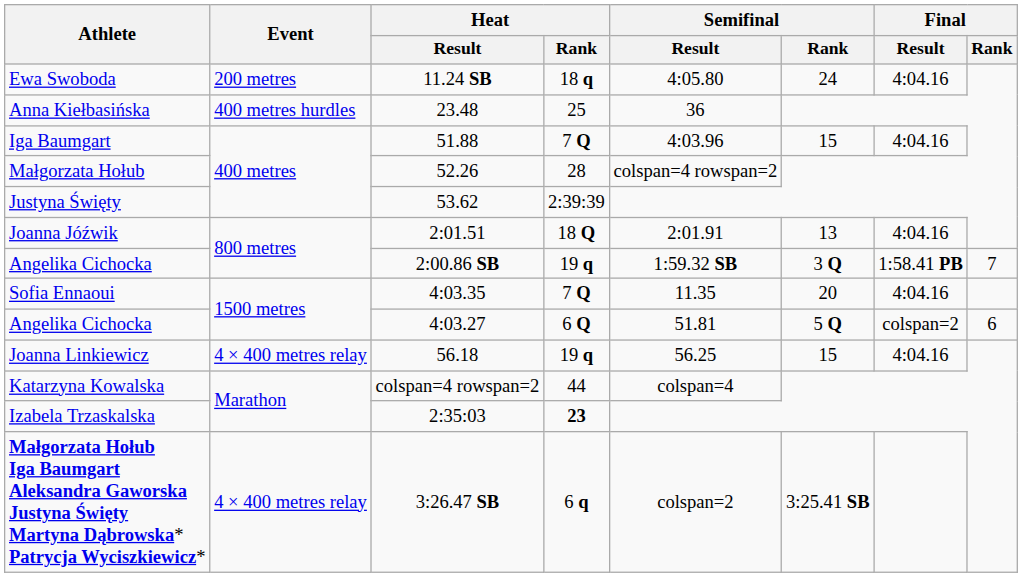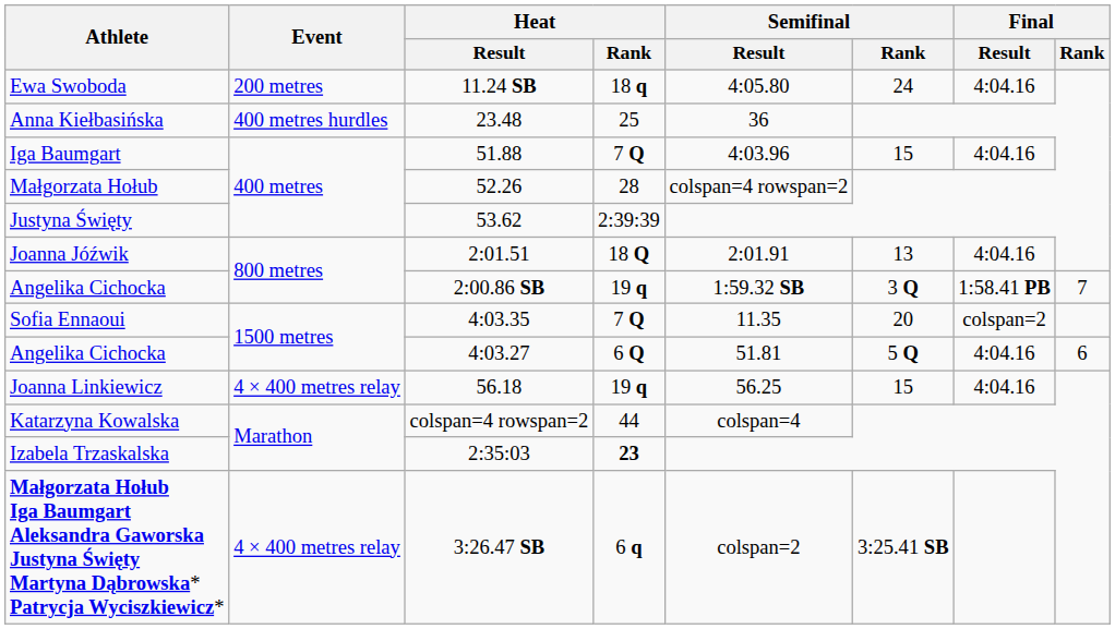 <table class="wikitable" style="font-size:90%">
 <tr>
 <th rowspan="2">Athlete</th>
 <th rowspan="2">Event</th>
 <th colspan="2">Heat</th>
 <th colspan="2">Semifinal</th>
 <th colspan="2">Final</th>
 </tr>
 <tr style="font-size:95%">
 <th>Result</th>
 <th>Rank</th>
 <th>Result</th>
 <th>Rank</th>
 <th>Result</th>
 <th>Rank</th>
 </tr>
 <tr style=text-align:center>
 <td style=text-align:left><a href='#'>Ewa Swoboda</a></td>
 <td style=text-align:left><a href='#'>200 metres</a></td>
 <td>11.24 <strong>SB</strong></td>
 <td>18 <strong>q</strong></td>
 <td>4:05.80</td>
 <td>24</td>
 <td>4:04.16</td>
 </tr>
 <tr style=text-align:center>
 <td style=text-align:left><a href='#'>Anna Kiełbasińska</a></td>
 <td style=text-align:left><a href='#'>400 metres hurdles</a></td>
 <td>23.48</td>
 <td>25</td>
 <td>36</td>
 </tr>
 <tr style=text-align:center>
 <td style=text-align:left><a href='#'>Iga Baumgart</a></td>
 <td style=text-align:left rowspan=3><a href='#'>400 metres</a></td>
 <td>51.88</td>
 <td>7 <strong>Q</strong></td>
 <td>4:03.96</td>
 <td>15</td>
 <td>4:04.16</td>
 </tr>
 <tr style=text-align:center>
 <td style=text-align:left><a href='#'>Małgorzata Hołub</a></td>
 <td>52.26</td>
 <td>28</td>
 <td>colspan=4 rowspan=2 </td>
 </tr>
 <tr style=text-align:center>
 <td style=text-align:left><a href='#'>Justyna Święty</a></td>
 <td>53.62</td>
 <td>2:39:39</td>
 </tr>
 <tr style=text-align:center>
 <td style=text-align:left><a href='#'>Joanna Jóźwik</a></td>
 <td style=text-align:left rowspan=2><a href='#'>800 metres</a></td>
 <td>2:01.51</td>
 <td>18 <strong>Q</strong></td>
 <td>2:01.91</td>
 <td>13</td>
 <td>4:04.16</td>
 </tr>
 <tr style=text-align:center>
 <td style=text-align:left><a href='#'>Angelika Cichocka</a></td>
 <td>2:00.86 <strong>SB</strong></td>
 <td>19 <strong>q</strong></td>
 <td>1:59.32 <strong>SB</strong></td>
 <td>3 <strong>Q</strong></td>
 <td>1:58.41 <strong>PB</strong></td>
 <td>7</td>
 </tr>
 <tr style=text-align:center>
 <td style=text-align:left><a href='#'>Sofia Ennaoui</a></td>
 <td style=text-align:left rowspan=2><a href='#'>1500 metres</a></td>
 <td>4:03.35</td>
 <td>7 <strong>Q</strong></td>
 <td>11.35</td>
 <td>20</td>
-<td>4:04.16</td>
+<td>colspan=2 </td>
 </tr>
 <tr style=text-align:center>
 <td style=text-align:left><a href='#'>Angelika Cichocka</a></td>
 <td>4:03.27</td>
 <td>6 <strong>Q</strong></td>
 <td>51.81</td>
 <td>5 <strong>Q</strong></td>
-<td>colspan=2 </td>
+<td>4:04.16</td>
 <td>6</td>
 </tr>
 <tr style=text-align:center>
 <td style=text-align:left><a href='#'>Joanna Linkiewicz</a></td>
 <td style=text-align:left><a href='#'>4 × 400 metres relay</a></td>
 <td>56.18</td>
 <td>19 <strong>q</strong></td>
 <td>56.25</td>
 <td>15</td>
 <td>4:04.16</td>
 </tr>
 <tr style=text-align:center>
 <td style=text-align:left><a href='#'>Katarzyna Kowalska</a></td>
 <td style=text-align:left rowspan=2><a href='#'>Marathon</a></td>
 <td>colspan=4 rowspan=2 </td>
 <td>44</td>
 <td>colspan=4 </td>
 </tr>
 <tr style=text-align:center>
 <td style=text-align:left><a href='#'>Izabela Trzaskalska</a></td>
 <td>2:35:03</td>
 <td><strong>23</strong></td>
 </tr>
 <tr style=text-align:center>
 <td style=text-align:left><strong><a href='#'>Małgorzata Hołub</a></strong><br><strong><a href='#'>Iga Baumgart</a></strong><br><strong><a href='#'>Aleksandra Gaworska</a></strong><br><strong><a href='#'>Justyna Święty</a></strong><br><strong><a href='#'>Martyna Dąbrowska</a></strong>*<br><strong><a href='#'>Patrycja Wyciszkiewicz</a></strong>*</td>
 <td style=text-align:left><a href='#'>4 × 400 metres relay</a></td>
 <td>3:26.47 <strong>SB</strong></td>
 <td>6 <strong>q</strong></td>
 <td>colspan=2 </td>
 <td>3:25.41 <strong>SB</strong></td>
 <td></td>
 </tr>
 </table>
